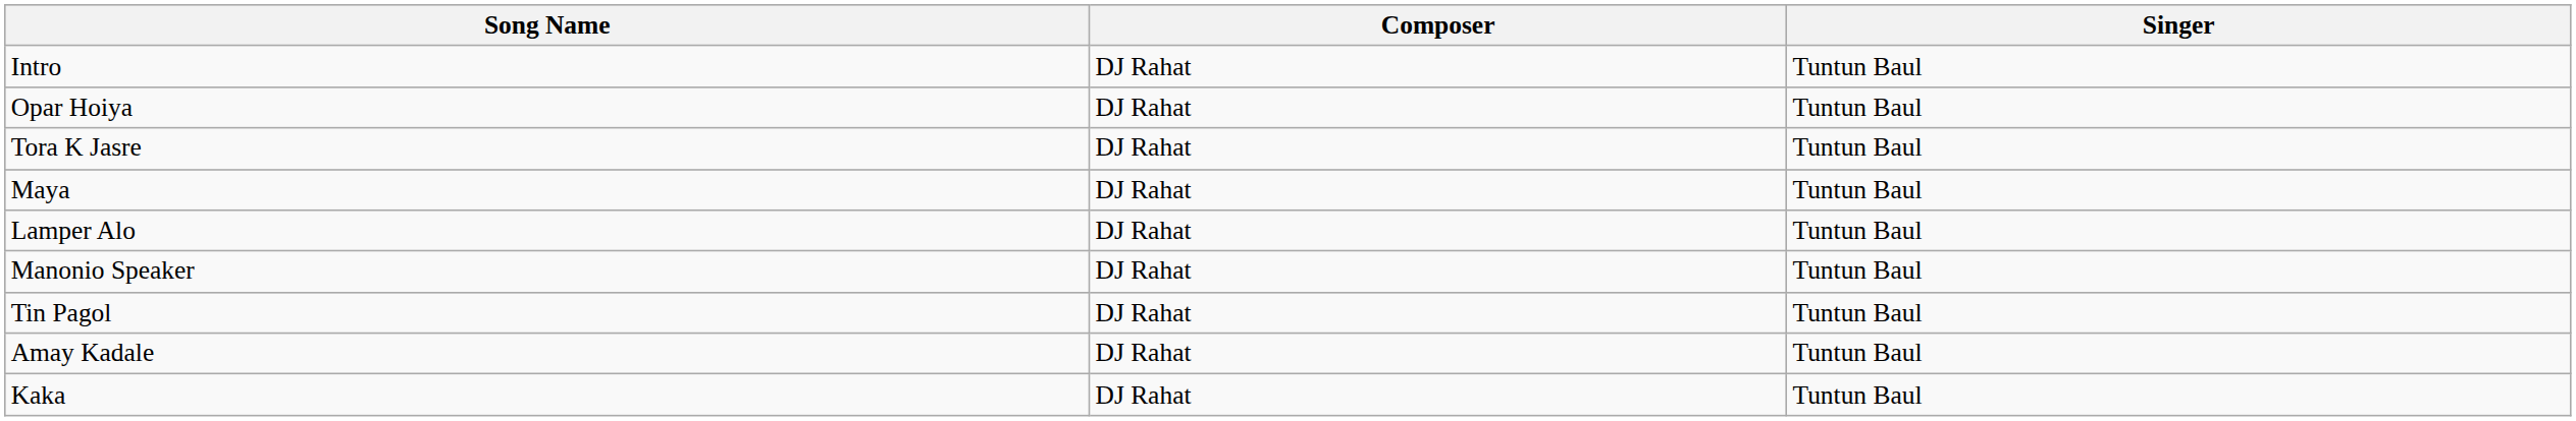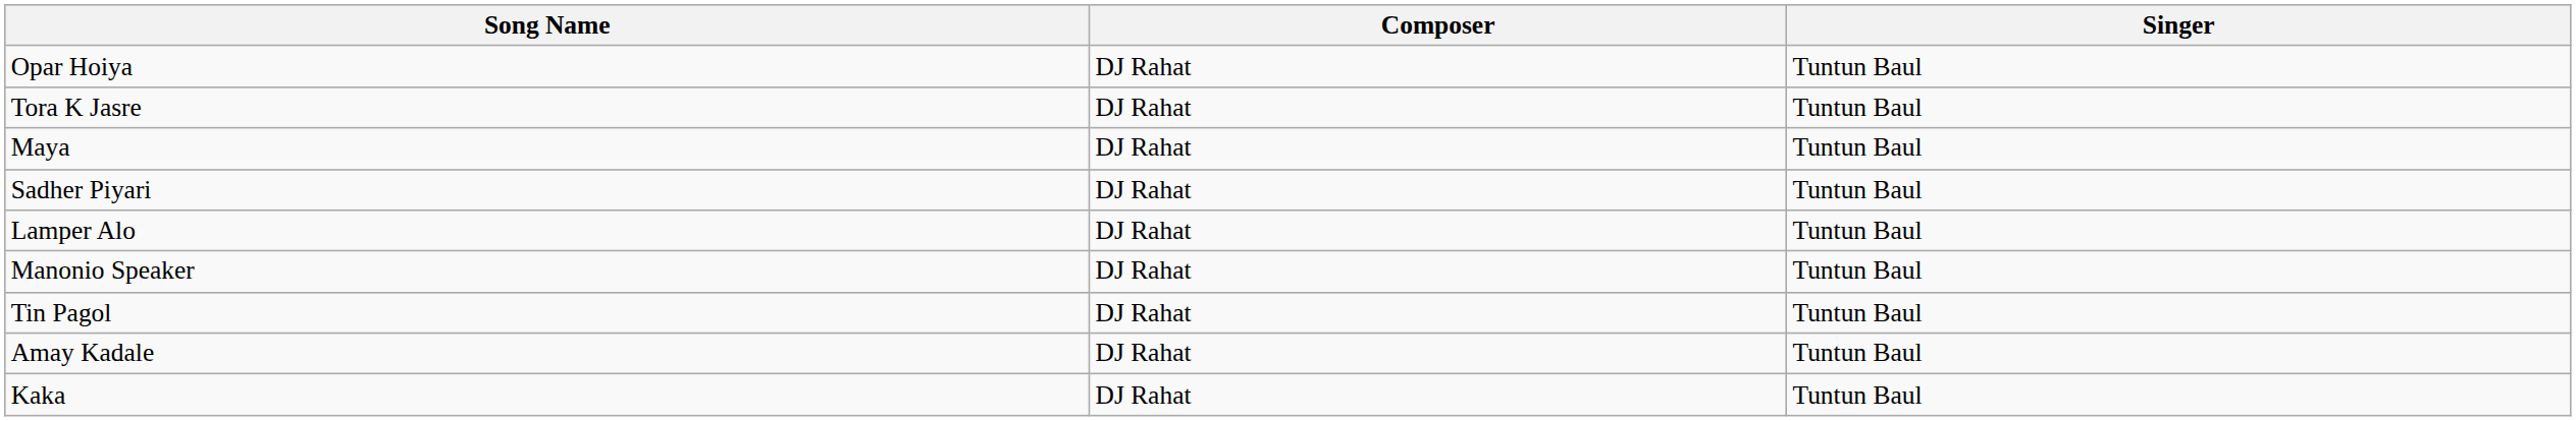 <table class="wikitable sortable collapsible" style="width: 100%;">
 <tr>
 <th style="*background:d0e5f5;">Song Name</th>
 <th style="*background:d0e5f5;">Composer</th>
 <th style="*background:d0e5f5;">Singer</th>
-</tr>
-<tr>
-<td>Intro</td>
-<td>DJ Rahat</td>
-<td>Tuntun Baul</td>
 </tr>
 <tr>
 <td>Opar Hoiya</td>
 <td>DJ Rahat</td>
 <td>Tuntun Baul</td>
 </tr>
 <tr>
 <td>Tora K Jasre</td>
 <td>DJ Rahat</td>
 <td>Tuntun Baul</td>
 </tr>
 <tr>
 <td>Maya</td>
+<td>DJ Rahat</td>
+<td>Tuntun Baul</td>
+</tr>
+<tr>
+<td>Sadher Piyari</td>
 <td>DJ Rahat</td>
 <td>Tuntun Baul</td>
 </tr>
 <tr>
 <td>Lamper Alo</td>
 <td>DJ Rahat</td>
 <td>Tuntun Baul</td>
 </tr>
 <tr>
 <td>Manonio Speaker</td>
 <td>DJ Rahat</td>
 <td>Tuntun Baul</td>
 </tr>
 <tr>
 <td>Tin Pagol</td>
 <td>DJ Rahat</td>
 <td>Tuntun Baul</td>
 </tr>
 <tr>
 <td>Amay Kadale</td>
 <td>DJ Rahat</td>
 <td>Tuntun Baul</td>
 </tr>
 <tr>
 <td>Kaka</td>
 <td>DJ Rahat</td>
 <td>Tuntun Baul</td>
 </tr>
 </table>
